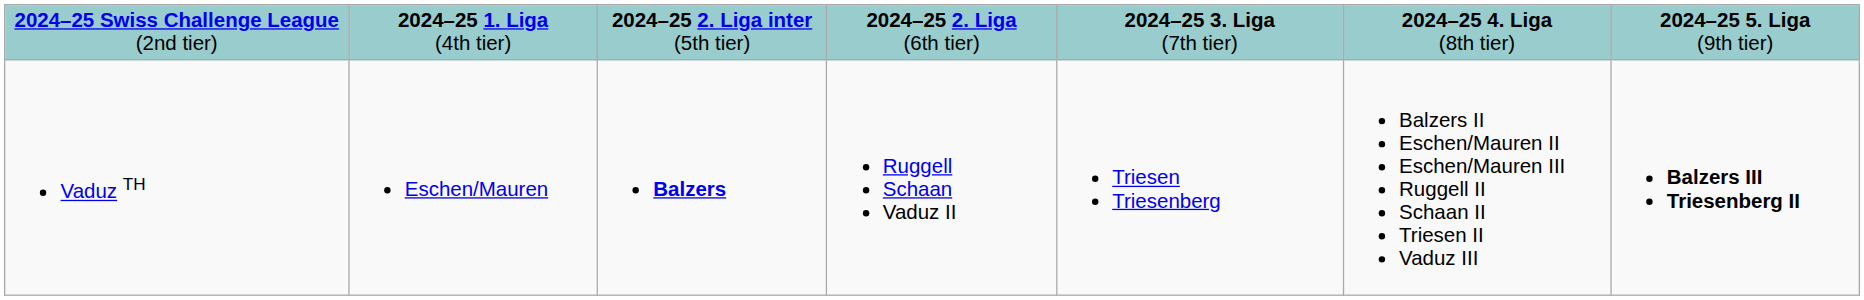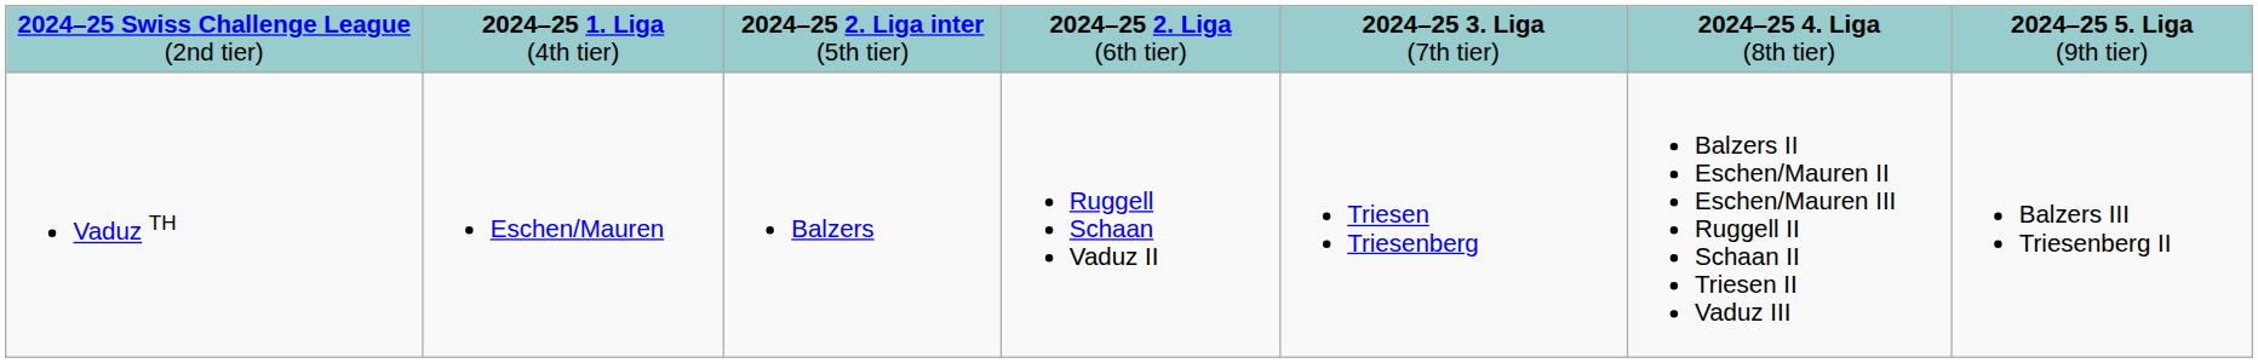 <table class="wikitable">
 <tr valign="top" bgcolor="#99CCCC">
 <td width="18%" align="center"><strong><a href='#'>2024–25 Swiss Challenge League</a></strong><br>(2nd tier)</td>
 <td width="13%" align="center"><strong>2024–25 <a href='#'>1. Liga</a></strong><br>(4th tier)</td>
 <td width="12%" align="center"><strong>2024–25 <a href='#'>2. Liga inter</a></strong><br>(5th tier)</td>
 <td width="12%" align="center"><strong>2024–25 <a href='#'>2. Liga</a></strong><br>(6th tier)</td>
 <td width="15%" align="center"><strong>2024–25 3. Liga</strong><br>(7th tier)</td>
 <td width="14%" align="center"><strong>2024–25 4. Liga</strong><br>(8th tier)</td>
 <td width="13%" align="center"><strong>2024–25 5. Liga</strong><br>(9th tier)</td>
 </tr>
 <tr align="top">
 <td><br><ul><li><a href='#'>Vaduz</a> <sup>TH</sup></li></ul></td>
 <td><br><ul><li><a href='#'>Eschen/Mauren</a></li></ul></td>
-<td><strong><br><ul><li><a href='#'>Balzers</a></li></ul></strong></td>
+<td><br><ul><li><a href='#'>Balzers</a></li></ul></td>
 <td><br><ul><li><a href='#'>Ruggell</a></li><li><a href='#'>Schaan</a></li><li>Vaduz II</li></ul></td>
 <td><br><ul><li><a href='#'>Triesen</a></li><li><a href='#'>Triesenberg</a></li></ul></td>
 <td><br><ul><li>Balzers II</li><li>Eschen/Mauren II</li><li>Eschen/Mauren III</li><li>Ruggell II</li><li>Schaan II</li><li>Triesen II</li><li>Vaduz III</li></ul></td>
-<td><strong><br><ul><li>Balzers III</li><li>Triesenberg II</li></ul></strong></td>
+<td><br><ul><li>Balzers III</li><li>Triesenberg II</li></ul></td>
 </tr>
 </table>
